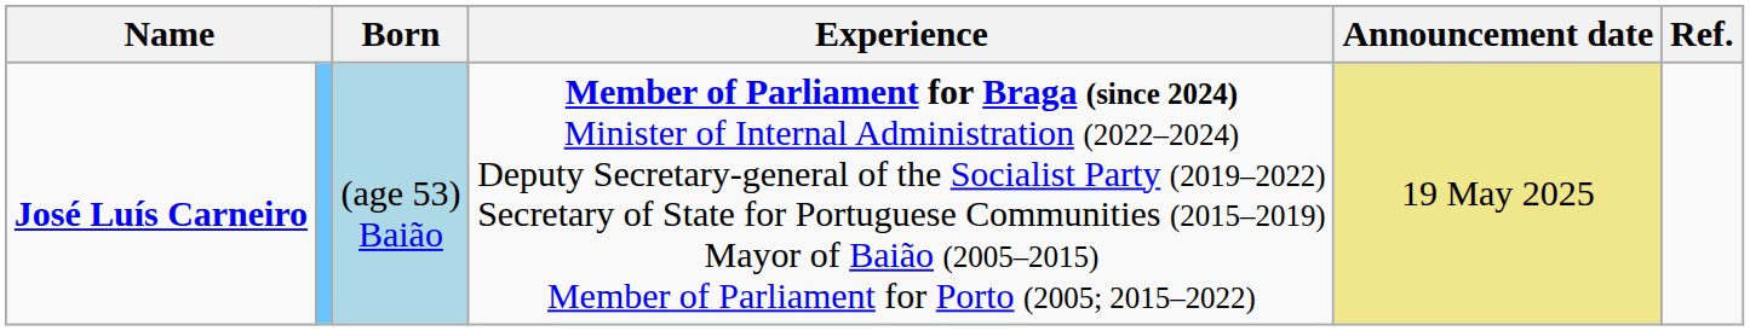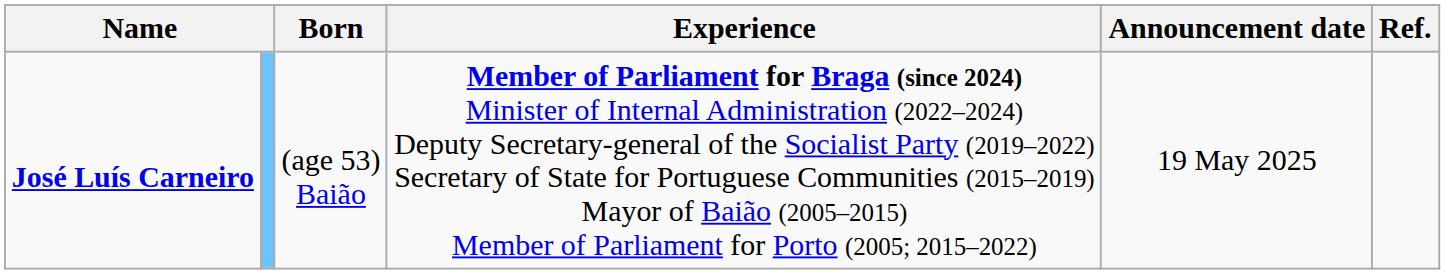 <table class="wikitable" style="text-align:center">
 <tr>
 <th scope="col" colspan=2>Name</th>
 <th scope="col">Born</th>
 <th scope="col" class="unsortable">Experience</th>
 <th scope="col">Announcement date</th>
 <th scope="col">Ref.</th>
 </tr>
 <tr>
 <td><br><strong><a href='#'>José Luís Carneiro</a></strong></td>
 <td style="background:#6BC4FF;"></td>
-<td style="background: lightblue;"><br>(age 53)<br><a href='#'>Baião</a></td>
+<td><br>(age 53)<br><a href='#'>Baião</a></td>
 <td><strong><a href='#'>Member of Parliament</a> for <a href='#'>Braga</a> <small>(since 2024)</small></strong><br><a href='#'>Minister of Internal Administration</a> <small>(2022–2024)</small><br>Deputy Secretary-general of the <a href='#'>Socialist Party</a> <small>(2019–2022)</small><br>Secretary of State for Portuguese Communities <small>(2015–2019)</small><br>Mayor of <a href='#'>Baião</a> <small>(2005–2015)</small><br><a href='#'>Member of Parliament</a> for <a href='#'>Porto</a> <small>(2005; 2015–2022)</small></td>
-<td style="background: khaki;">19 May 2025</td>
+<td>19 May 2025</td>
 <td></td>
 </tr>
 </table>
